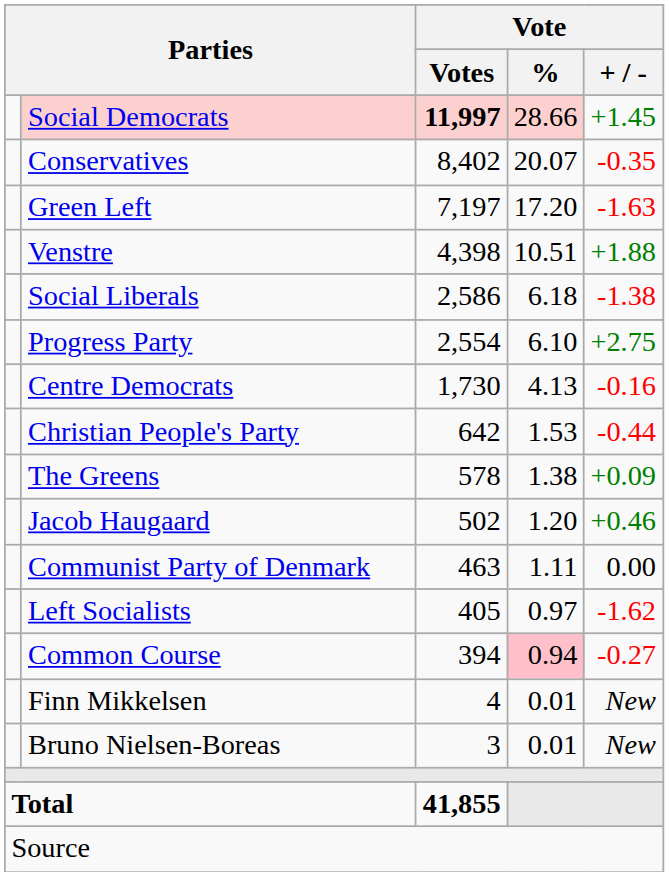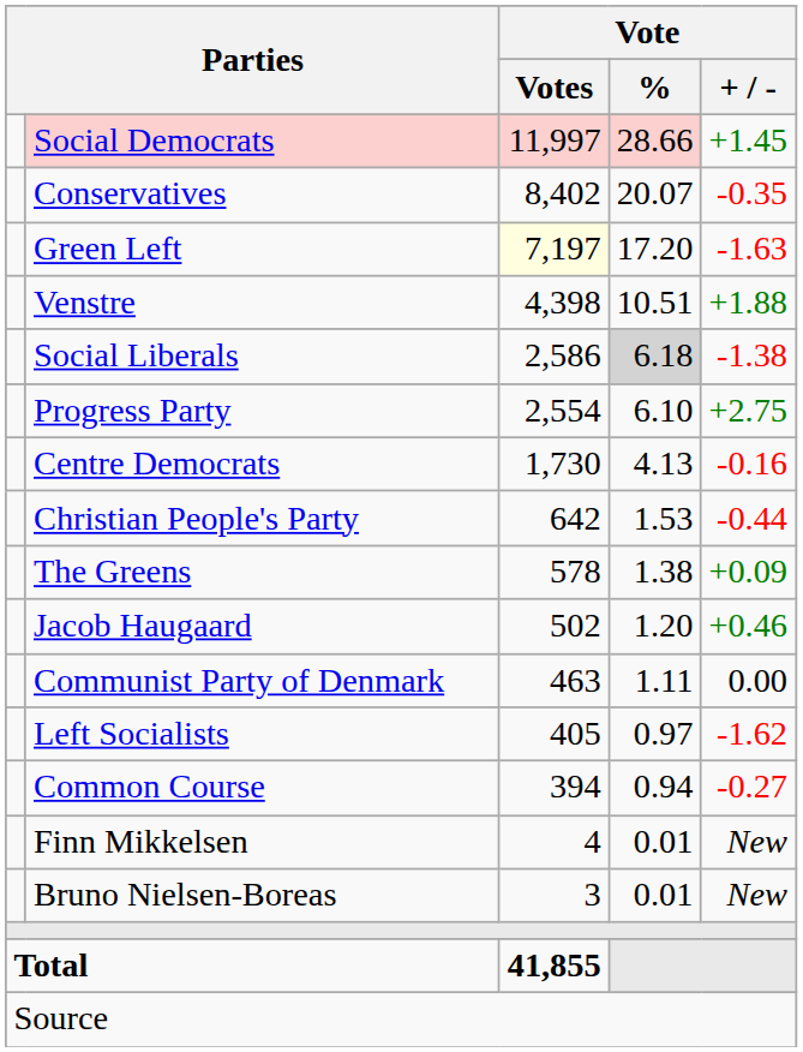 <table class="wikitable" style="text-align:right;">
 <tr>
 <th style="text-align:centre;" rowspan="2" colspan="2" width="225">Parties</th>
 <th colspan="3">Vote</th>
 </tr>
 <tr>
 <th width="15">Votes</th>
 <th width="15">%</th>
 <th width="15">+ / -</th>
 </tr>
 <tr>
 <td width="2" style="color:inherit;background:"></td>
 <td bgcolor=#fbd0ce  align="left"><a href='#'>Social Democrats</a></td>
-<td bgcolor=#fbd0ce><strong>11,997</strong></td>
+<td bgcolor=#fbd0ce>11,997</td>
 <td bgcolor=#fbd0ce>28.66</td>
 <td style=color:green;>+1.45</td>
 </tr>
 <tr>
 <td width="2" style="color:inherit;background:"></td>
 <td align="left"><a href='#'>Conservatives</a></td>
 <td>8,402</td>
 <td>20.07</td>
 <td style=color:red;>-0.35</td>
 </tr>
 <tr>
 <td width="2" style="color:inherit;background:"></td>
 <td align="left"><a href='#'>Green Left</a></td>
-<td>7,197</td>
+<td style="background: lightyellow;">7,197</td>
 <td>17.20</td>
 <td style=color:red;>-1.63</td>
 </tr>
 <tr>
 <td width="2" style="color:inherit;background:"></td>
 <td align="left"><a href='#'>Venstre</a></td>
 <td>4,398</td>
 <td>10.51</td>
 <td style=color:green;>+1.88</td>
 </tr>
 <tr>
 <td width="2" style="color:inherit;background:"></td>
 <td align="left"><a href='#'>Social Liberals</a></td>
 <td>2,586</td>
-<td>6.18</td>
+<td style="background: lightgrey;">6.18</td>
 <td style=color:red;>-1.38</td>
 </tr>
 <tr>
 <td width="2" style="color:inherit;background:"></td>
 <td align="left"><a href='#'>Progress Party</a></td>
 <td>2,554</td>
 <td>6.10</td>
 <td style=color:green;>+2.75</td>
 </tr>
 <tr>
 <td width="2" style="color:inherit;background:"></td>
 <td align="left"><a href='#'>Centre Democrats</a></td>
 <td>1,730</td>
 <td>4.13</td>
 <td style=color:red;>-0.16</td>
 </tr>
 <tr>
 <td width="2" style="color:inherit;background:"></td>
 <td align="left"><a href='#'>Christian People's Party</a></td>
 <td>642</td>
 <td>1.53</td>
 <td style=color:red;>-0.44</td>
 </tr>
 <tr>
 <td width="2" style="color:inherit;background:"></td>
 <td align="left"><a href='#'>The Greens</a></td>
 <td>578</td>
 <td>1.38</td>
 <td style=color:green;>+0.09</td>
 </tr>
 <tr>
 <td width="2" style="color:inherit;background:"></td>
 <td align="left"><a href='#'>Jacob Haugaard</a></td>
 <td>502</td>
 <td>1.20</td>
 <td style=color:green;>+0.46</td>
 </tr>
 <tr>
 <td width="2" style="color:inherit;background:"></td>
 <td align="left"><a href='#'>Communist Party of Denmark</a></td>
 <td>463</td>
 <td>1.11</td>
 <td>0.00</td>
 </tr>
 <tr>
 <td width="2" style="color:inherit;background:"></td>
 <td align="left"><a href='#'>Left Socialists</a></td>
 <td>405</td>
 <td>0.97</td>
 <td style=color:red;>-1.62</td>
 </tr>
 <tr>
 <td width="2" style="color:inherit;background:"></td>
 <td align="left"><a href='#'>Common Course</a></td>
 <td>394</td>
-<td style="background: pink;">0.94</td>
+<td>0.94</td>
 <td style=color:red;>-0.27</td>
 </tr>
 <tr>
 <td width="2" style="color:inherit;background:"></td>
 <td align="left">Finn Mikkelsen</td>
 <td>4</td>
 <td>0.01</td>
 <td><em>New</em></td>
 </tr>
 <tr>
 <td width="2" style="color:inherit;background:"></td>
 <td align="left">Bruno Nielsen-Boreas</td>
 <td>3</td>
 <td>0.01</td>
 <td><em>New</em></td>
 </tr>
 <tr>
 <td colspan="7" bgcolor="#E9E9E9"></td>
 </tr>
 <tr>
 <td align="left" colspan="2"><strong>Total</strong></td>
 <td><strong>41,855</strong></td>
 <td bgcolor="#E9E9E9" colspan="2"></td>
 </tr>
 <tr>
 <td align="left" colspan="6">Source</td>
 </tr>
 </table>
